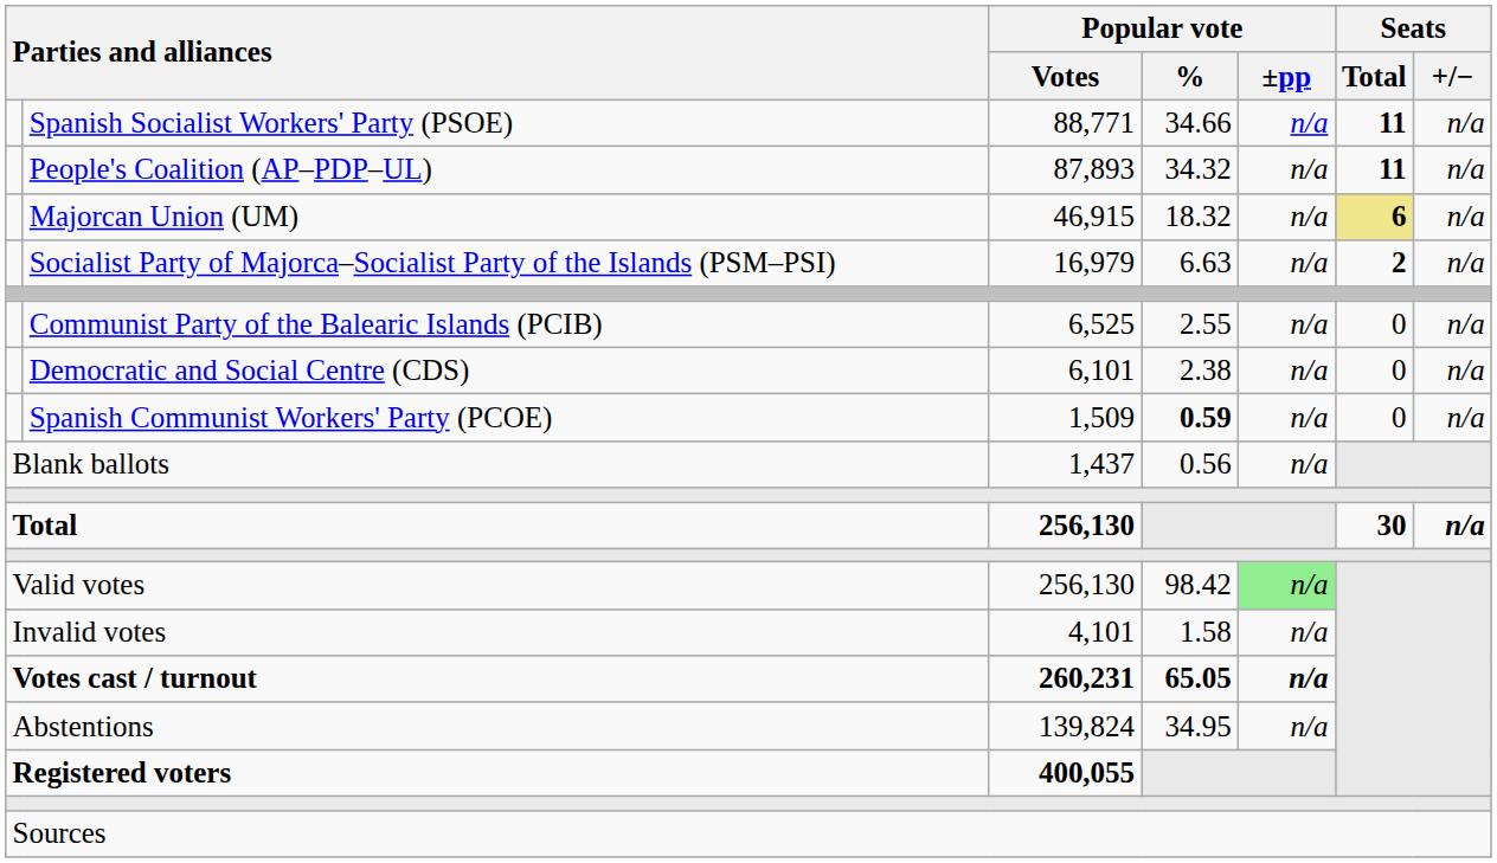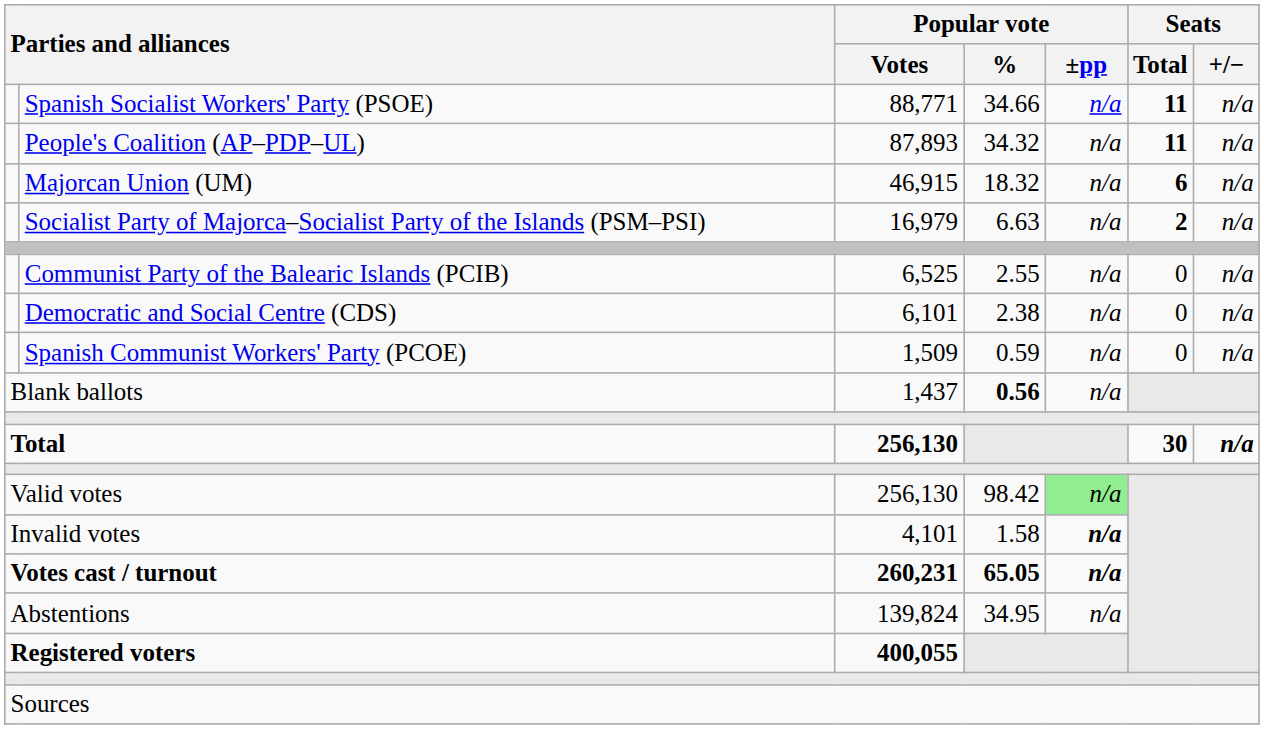 <table class="wikitable" style="text-align:right;">
 <tr>
 <th style="text-align:left;" rowspan="2" colspan="2" width="525">Parties and alliances</th>
 <th colspan="3">Popular vote</th>
 <th colspan="2">Seats</th>
 </tr>
 <tr>
 <th width="75">Votes</th>
 <th width="45">%</th>
 <th width="45">±<a href='#'>pp</a></th>
 <th width="35">Total</th>
 <th width="35">+/−</th>
 </tr>
 <tr>
 <td width="1" style="color:inherit;background:"></td>
 <td align="left"><a href='#'>Spanish Socialist Workers' Party</a> (PSOE)</td>
 <td>88,771</td>
 <td>34.66</td>
 <td><em><a href='#'>n/a</a></em></td>
 <td><strong>11</strong></td>
 <td><em>n/a</em></td>
 </tr>
 <tr>
 <td style="color:inherit;background:"></td>
 <td align="left"><a href='#'>People's Coalition</a> (<a href='#'>AP</a>–<a href='#'>PDP</a>–<a href='#'>UL</a>)</td>
 <td>87,893</td>
 <td>34.32</td>
 <td><em>n/a</em></td>
 <td><strong>11</strong></td>
 <td><em>n/a</em></td>
 </tr>
 <tr>
 <td style="color:inherit;background:"></td>
 <td align="left"><a href='#'>Majorcan Union</a> (UM)</td>
 <td>46,915</td>
 <td>18.32</td>
 <td><em>n/a</em></td>
-<td style="background: khaki;"><strong>6</strong></td>
+<td><strong>6</strong></td>
 <td><em>n/a</em></td>
 </tr>
 <tr>
 <td style="color:inherit;background:"></td>
 <td align="left"><a href='#'>Socialist Party of Majorca</a>–<a href='#'>Socialist Party of the Islands</a> (PSM–PSI)</td>
 <td>16,979</td>
 <td>6.63</td>
 <td><em>n/a</em></td>
 <td><strong>2</strong></td>
 <td><em>n/a</em></td>
 </tr>
 <tr>
 <td colspan="7" bgcolor="#C0C0C0"></td>
 </tr>
 <tr>
 <td style="color:inherit;background:"></td>
 <td align="left" width="473"><a href='#'>Communist Party of the Balearic Islands</a> (PCIB)</td>
 <td>6,525</td>
 <td>2.55</td>
 <td><em>n/a</em></td>
 <td>0</td>
 <td><em>n/a</em></td>
 </tr>
 <tr>
 <td style="color:inherit;background:"></td>
 <td align="left"><a href='#'>Democratic and Social Centre</a> (CDS)</td>
 <td>6,101</td>
 <td>2.38</td>
 <td><em>n/a</em></td>
 <td>0</td>
 <td><em>n/a</em></td>
 </tr>
 <tr>
 <td style="color:inherit;background:"></td>
 <td align="left"><a href='#'>Spanish Communist Workers' Party</a> (PCOE)</td>
 <td>1,509</td>
-<td><strong>0.59</strong></td>
+<td>0.59</td>
 <td><em>n/a</em></td>
 <td>0</td>
 <td><em>n/a</em></td>
 </tr>
 <tr>
 <td align="left" colspan="2">Blank ballots</td>
 <td>1,437</td>
-<td>0.56</td>
+<td><strong>0.56</strong></td>
 <td><em>n/a</em></td>
 <td bgcolor="#E9E9E9" colspan="2"></td>
 </tr>
 <tr>
 <td colspan="7" bgcolor="#E9E9E9"></td>
 </tr>
 <tr style="font-weight:bold;">
 <td align="left" colspan="2">Total</td>
 <td>256,130</td>
 <td bgcolor="#E9E9E9" colspan="2"></td>
 <td>30</td>
 <td><em>n/a</em></td>
 </tr>
 <tr>
 <td colspan="7" bgcolor="#E9E9E9"></td>
 </tr>
 <tr>
 <td align="left" colspan="2">Valid votes</td>
 <td>256,130</td>
 <td>98.42</td>
 <td style="background: lightgreen;"><em>n/a</em></td>
 <td bgcolor="#E9E9E9" colspan="2" rowspan="5"></td>
 </tr>
 <tr>
 <td align="left" colspan="2">Invalid votes</td>
 <td>4,101</td>
 <td>1.58</td>
-<td><em>n/a</em></td>
+<td><strong><em>n/a</em></strong></td>
 </tr>
 <tr style="font-weight:bold;">
 <td align="left" colspan="2">Votes cast / turnout</td>
 <td>260,231</td>
 <td>65.05</td>
 <td><em>n/a</em></td>
 </tr>
 <tr>
 <td align="left" colspan="2">Abstentions</td>
 <td>139,824</td>
 <td>34.95</td>
 <td><em>n/a</em></td>
 </tr>
 <tr style="font-weight:bold;">
 <td align="left" colspan="2">Registered voters</td>
 <td>400,055</td>
 <td bgcolor="#E9E9E9" colspan="2"></td>
 </tr>
 <tr>
 <td colspan="7" bgcolor="#E9E9E9"></td>
 </tr>
 <tr>
 <td align="left" colspan="7">Sources</td>
 </tr>
 </table>
